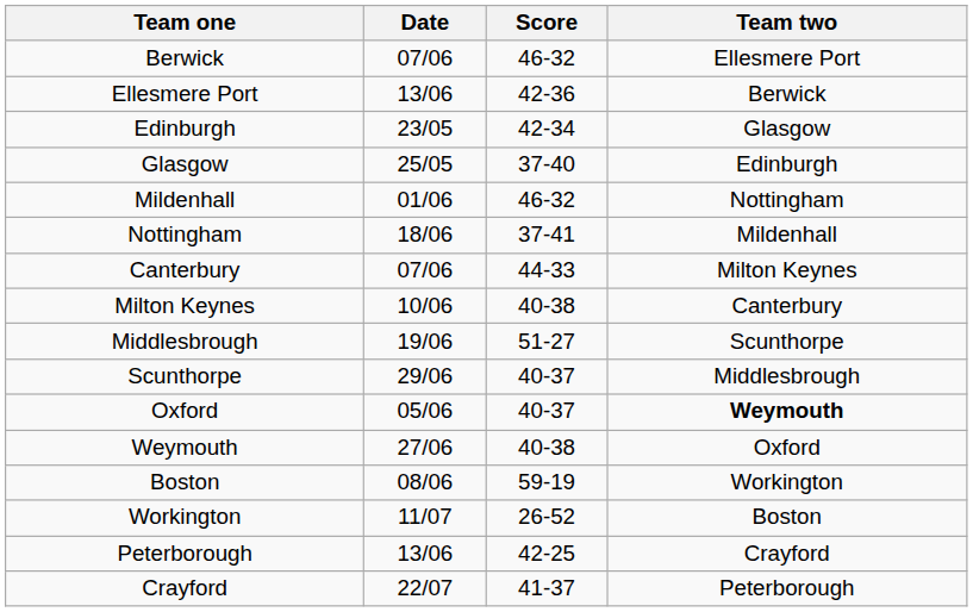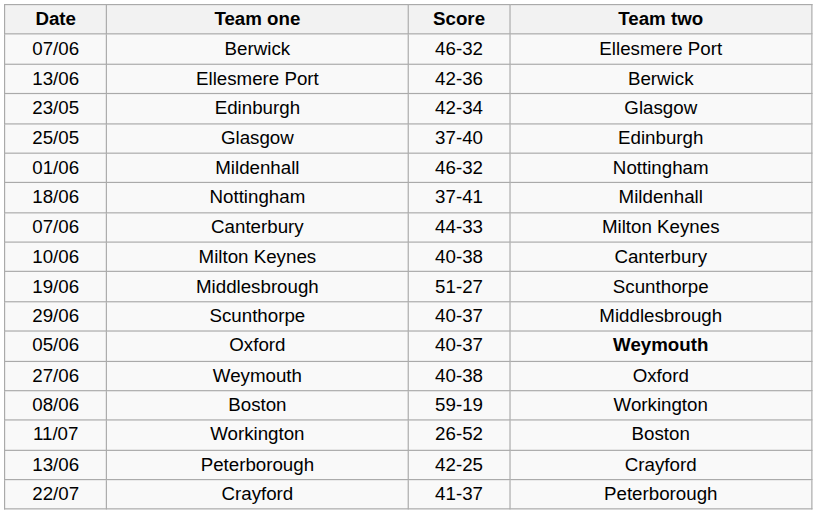 <table class="wikitable" style="text-align: center">
 <tr>
+<th width=80>Date</th>
 <th width=250>Team one</th>
-<th width=80>Date</th>
 <th width=80>Score</th>
 <th width=250>Team two</th>
 </tr>
 <tr>
+<td>07/06</td>
 <td>Berwick</td>
-<td>07/06</td>
 <td>46-32</td>
 <td>Ellesmere Port</td>
 </tr>
 <tr>
+<td>13/06</td>
 <td>Ellesmere Port</td>
-<td>13/06</td>
 <td>42-36</td>
 <td>Berwick</td>
 </tr>
 <tr>
+<td>23/05</td>
 <td>Edinburgh</td>
-<td>23/05</td>
 <td>42-34</td>
 <td>Glasgow</td>
 </tr>
 <tr>
+<td>25/05</td>
 <td>Glasgow</td>
-<td>25/05</td>
 <td>37-40</td>
 <td>Edinburgh</td>
 </tr>
 <tr>
+<td>01/06</td>
 <td>Mildenhall</td>
-<td>01/06</td>
 <td>46-32</td>
 <td>Nottingham</td>
 </tr>
 <tr>
+<td>18/06</td>
 <td>Nottingham</td>
-<td>18/06</td>
 <td>37-41</td>
 <td>Mildenhall</td>
 </tr>
 <tr>
+<td>07/06</td>
 <td>Canterbury</td>
-<td>07/06</td>
 <td>44-33</td>
 <td>Milton Keynes</td>
 </tr>
 <tr>
+<td>10/06</td>
 <td>Milton Keynes</td>
-<td>10/06</td>
 <td>40-38</td>
 <td>Canterbury</td>
 </tr>
 <tr>
+<td>19/06</td>
 <td>Middlesbrough</td>
-<td>19/06</td>
 <td>51-27</td>
 <td>Scunthorpe</td>
 </tr>
 <tr>
+<td>29/06</td>
 <td>Scunthorpe</td>
-<td>29/06</td>
 <td>40-37</td>
 <td>Middlesbrough</td>
 </tr>
 <tr>
+<td>05/06</td>
 <td>Oxford</td>
-<td>05/06</td>
 <td>40-37</td>
 <td><strong>Weymouth</strong></td>
 </tr>
 <tr>
+<td>27/06</td>
 <td>Weymouth</td>
-<td>27/06</td>
 <td>40-38</td>
 <td>Oxford</td>
 </tr>
 <tr>
+<td>08/06</td>
 <td>Boston</td>
-<td>08/06</td>
 <td>59-19</td>
 <td>Workington</td>
 </tr>
 <tr>
+<td>11/07</td>
 <td>Workington</td>
-<td>11/07</td>
 <td>26-52</td>
 <td>Boston</td>
 </tr>
 <tr>
+<td>13/06</td>
 <td>Peterborough</td>
-<td>13/06</td>
 <td>42-25</td>
 <td>Crayford</td>
 </tr>
 <tr>
+<td>22/07</td>
 <td>Crayford</td>
-<td>22/07</td>
 <td>41-37</td>
 <td>Peterborough</td>
 </tr>
 </table>
